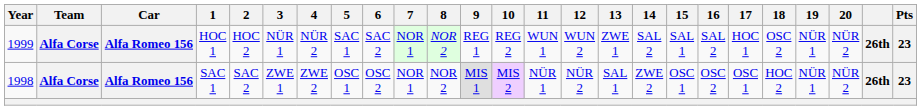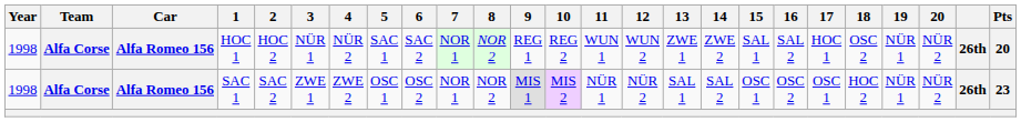 <table class="wikitable" style="text-align:center; font-size:85%">
 <tr>
 <th>Year</th>
 <th>Team</th>
 <th>Car</th>
 <th>1</th>
 <th>2</th>
 <th>3</th>
 <th>4</th>
 <th>5</th>
 <th>6</th>
 <th>7</th>
 <th>8</th>
 <th>9</th>
 <th>10</th>
 <th>11</th>
 <th>12</th>
 <th>13</th>
 <th>14</th>
 <th>15</th>
 <th>16</th>
 <th>17</th>
 <th>18</th>
 <th>19</th>
 <th>20</th>
 <th></th>
 <th>Pts</th>
 </tr>
 <tr>
-<td><a href='#'>1999</a></td>
+<td><a href='#'>1998</a></td>
 <th nowrap><a href='#'>Alfa Corse</a></th>
 <th nowrap><a href='#'>Alfa Romeo 156</a></th>
 <td><a href='#'>HOC<br>1</a></td>
 <td><a href='#'>HOC<br>2</a></td>
 <td><a href='#'>NÜR<br>1</a></td>
 <td><a href='#'>NÜR<br>2</a></td>
 <td><a href='#'>SAC<br>1</a></td>
 <td><a href='#'>SAC<br>2</a></td>
 <td style="background:#DFFFDF;"><a href='#'>NOR<br>1</a><br></td>
 <td style="background:#DFFFDF;"><em><a href='#'>NOR<br>2</a></em><br></td>
 <td><a href='#'>REG<br>1</a></td>
 <td><a href='#'>REG<br>2</a></td>
 <td><a href='#'>WUN<br>1</a></td>
 <td><a href='#'>WUN<br>2</a></td>
 <td><a href='#'>ZWE<br>1</a></td>
-<td><a href='#'>SAL<br>2</a></td>
+<td><a href='#'>ZWE<br>2</a></td>
 <td><a href='#'>SAL<br>1</a></td>
 <td><a href='#'>SAL<br>2</a></td>
 <td><a href='#'>HOC<br>1</a></td>
 <td><a href='#'>OSC<br>2</a></td>
 <td><a href='#'>NÜR<br>1</a></td>
 <td><a href='#'>NÜR<br>2</a></td>
 <th>26th</th>
-<th>23</th>
+<th>20</th>
 </tr>
 <tr>
 <td><a href='#'>1998</a></td>
 <th nowrap><a href='#'>Alfa Corse</a></th>
 <th nowrap><a href='#'>Alfa Romeo 156</a></th>
 <td><a href='#'>SAC<br>1</a></td>
 <td><a href='#'>SAC<br>2</a></td>
 <td><a href='#'>ZWE<br>1</a></td>
 <td><a href='#'>ZWE<br>2</a></td>
 <td><a href='#'>OSC<br>1</a></td>
 <td><a href='#'>OSC<br>2</a></td>
 <td><a href='#'>NOR<br>1</a></td>
 <td><a href='#'>NOR<br>2</a></td>
 <td style="background:#DFDFDF;"><a href='#'>MIS<br>1</a><br></td>
 <td style="background:#EFCFFF;"><a href='#'>MIS<br>2</a><br></td>
 <td><a href='#'>NÜR<br>1</a></td>
 <td><a href='#'>NÜR<br>2</a></td>
 <td><a href='#'>SAL<br>1</a></td>
-<td><a href='#'>ZWE<br>2</a></td>
+<td><a href='#'>SAL<br>2</a></td>
 <td><a href='#'>OSC<br>1</a></td>
 <td><a href='#'>OSC<br>2</a></td>
 <td><a href='#'>OSC<br>1</a></td>
 <td><a href='#'>HOC<br>2</a></td>
 <td><a href='#'>NÜR<br>1</a></td>
 <td><a href='#'>NÜR<br>2</a></td>
 <th>26th</th>
 <th>23</th>
 </tr>
 <tr>
 <th colspan=25></th>
 </tr>
 </table>
